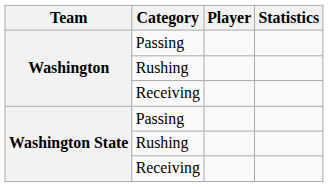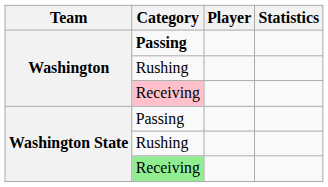 <table class="wikitable" style="float:right">
 <tr>
 <th>Team</th>
 <th>Category</th>
 <th>Player</th>
 <th>Statistics</th>
 </tr>
 <tr>
 <th rowspan=3>Washington</th>
-<td>Passing</td>
+<td><strong>Passing</strong></td>
 <td></td>
 <td></td>
 </tr>
 <tr>
 <td>Rushing</td>
 <td></td>
 <td></td>
 </tr>
 <tr>
-<td>Receiving</td>
+<td style="background: pink;">Receiving</td>
 <td></td>
 <td></td>
 </tr>
 <tr>
 <th rowspan=3>Washington State</th>
 <td>Passing</td>
 <td></td>
 <td></td>
 </tr>
 <tr>
 <td>Rushing</td>
 <td></td>
 <td></td>
 </tr>
 <tr>
-<td>Receiving</td>
+<td style="background: lightgreen;">Receiving</td>
 <td></td>
 <td></td>
 </tr>
 </table>
